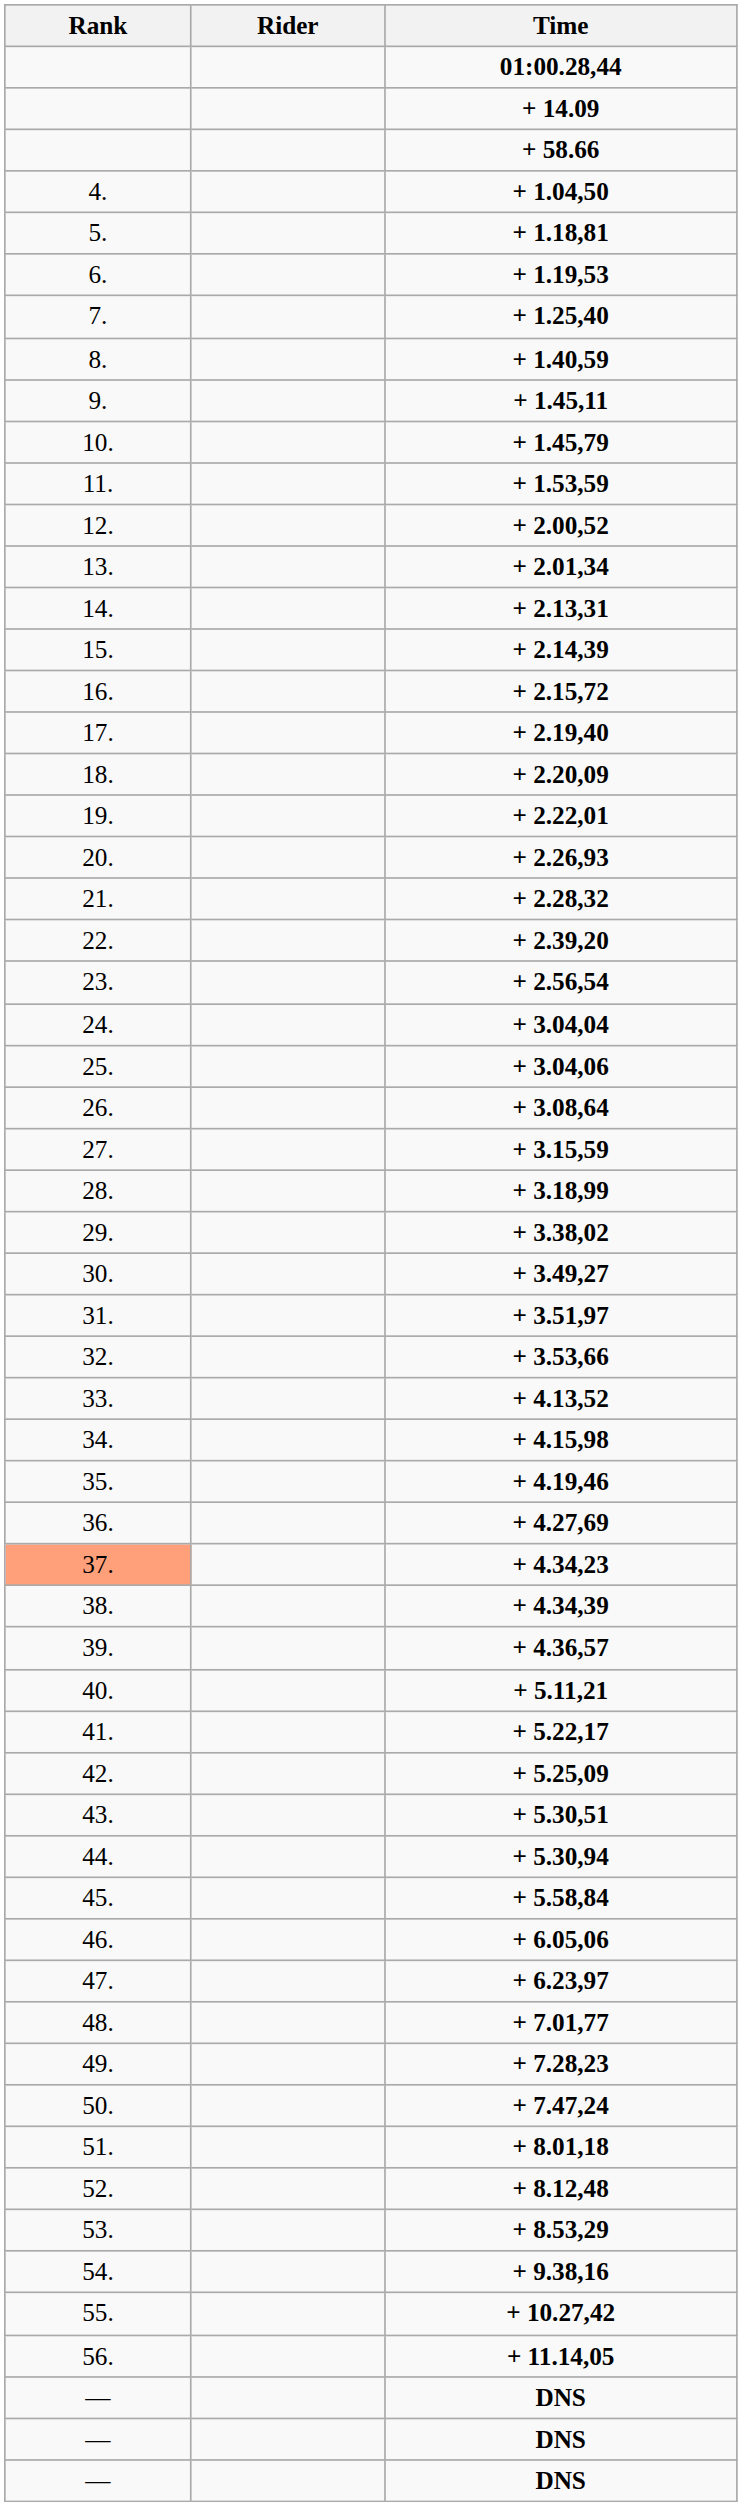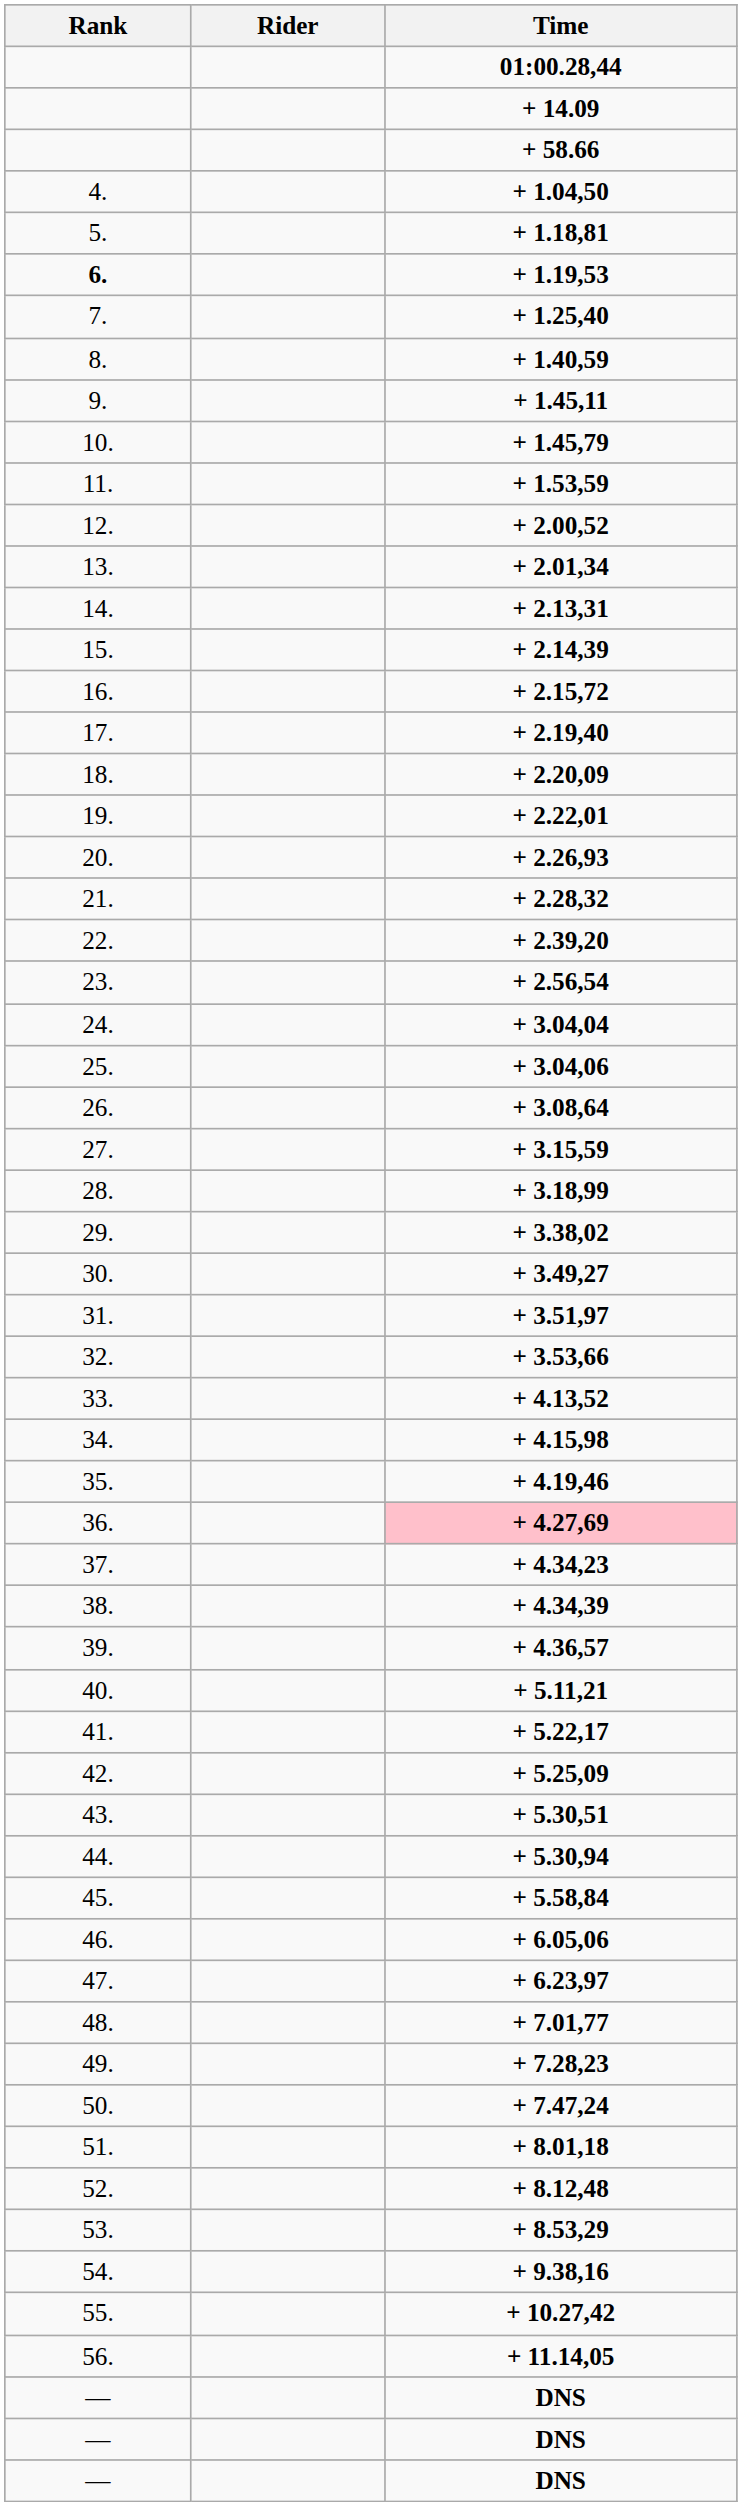 <table class=wikitable style="font-size:95%" width="50%">
 <tr>
 <th>Rank</th>
 <th>Rider</th>
 <th>Time</th>
 </tr>
 <tr>
 <td align="center"></td>
 <td></td>
 <td align="center"><strong>01:00.28,44</strong></td>
 </tr>
 <tr>
 <td align="center"></td>
 <td></td>
 <td align="center"><strong>+ 14.09</strong></td>
 </tr>
 <tr>
 <td align="center"></td>
 <td></td>
 <td align="center"><strong>+ 58.66</strong></td>
 </tr>
 <tr>
 <td align="center">4.</td>
 <td></td>
 <td align="center"><strong>+ 1.04,50</strong></td>
 </tr>
 <tr>
 <td align="center">5.</td>
 <td></td>
 <td align="center"><strong>+ 1.18,81</strong></td>
 </tr>
 <tr>
-<td align="center">6.</td>
+<td align="center"><strong>6.</strong></td>
 <td></td>
 <td align="center"><strong>+ 1.19,53</strong></td>
 </tr>
 <tr>
 <td align="center">7.</td>
 <td></td>
 <td align="center"><strong>+ 1.25,40</strong></td>
 </tr>
 <tr>
 <td align="center">8.</td>
 <td></td>
 <td align="center"><strong>+ 1.40,59</strong></td>
 </tr>
 <tr>
 <td align="center">9.</td>
 <td></td>
 <td align="center"><strong>+ 1.45,11</strong></td>
 </tr>
 <tr>
 <td align="center">10.</td>
 <td></td>
 <td align="center"><strong>+ 1.45,79</strong></td>
 </tr>
 <tr>
 <td align="center">11.</td>
 <td></td>
 <td align="center"><strong>+ 1.53,59</strong></td>
 </tr>
 <tr>
 <td align="center">12.</td>
 <td></td>
 <td align="center"><strong>+ 2.00,52</strong></td>
 </tr>
 <tr>
 <td align="center">13.</td>
 <td></td>
 <td align="center"><strong>+ 2.01,34</strong></td>
 </tr>
 <tr>
 <td align="center">14.</td>
 <td></td>
 <td align="center"><strong>+ 2.13,31</strong></td>
 </tr>
 <tr>
 <td align="center">15.</td>
 <td></td>
 <td align="center"><strong>+ 2.14,39</strong></td>
 </tr>
 <tr>
 <td align="center">16.</td>
 <td></td>
 <td align="center"><strong>+ 2.15,72</strong></td>
 </tr>
 <tr>
 <td align="center">17.</td>
 <td></td>
 <td align="center"><strong>+ 2.19,40</strong></td>
 </tr>
 <tr>
 <td align="center">18.</td>
 <td></td>
 <td align="center"><strong>+ 2.20,09</strong></td>
 </tr>
 <tr>
 <td align="center">19.</td>
 <td></td>
 <td align="center"><strong>+ 2.22,01</strong></td>
 </tr>
 <tr>
 <td align="center">20.</td>
 <td></td>
 <td align="center"><strong>+ 2.26,93</strong></td>
 </tr>
 <tr>
 <td align="center">21.</td>
 <td></td>
 <td align="center"><strong>+ 2.28,32</strong></td>
 </tr>
 <tr>
 <td align="center">22.</td>
 <td></td>
 <td align="center"><strong>+ 2.39,20</strong></td>
 </tr>
 <tr>
 <td align="center">23.</td>
 <td></td>
 <td align="center"><strong>+ 2.56,54</strong></td>
 </tr>
 <tr>
 <td align="center">24.</td>
 <td></td>
 <td align="center"><strong>+ 3.04,04</strong></td>
 </tr>
 <tr>
 <td align="center">25.</td>
 <td></td>
 <td align="center"><strong>+ 3.04,06</strong></td>
 </tr>
 <tr>
 <td align="center">26.</td>
 <td></td>
 <td align="center"><strong>+ 3.08,64</strong></td>
 </tr>
 <tr>
 <td align="center">27.</td>
 <td></td>
 <td align="center"><strong>+ 3.15,59</strong></td>
 </tr>
 <tr>
 <td align="center">28.</td>
 <td></td>
 <td align="center"><strong>+ 3.18,99</strong></td>
 </tr>
 <tr>
 <td align="center">29.</td>
 <td></td>
 <td align="center"><strong>+ 3.38,02</strong></td>
 </tr>
 <tr>
 <td align="center">30.</td>
 <td></td>
 <td align="center"><strong>+ 3.49,27</strong></td>
 </tr>
 <tr>
 <td align="center">31.</td>
 <td></td>
 <td align="center"><strong>+ 3.51,97</strong></td>
 </tr>
 <tr>
 <td align="center">32.</td>
 <td></td>
 <td align="center"><strong>+ 3.53,66</strong></td>
 </tr>
 <tr>
 <td align="center">33.</td>
 <td></td>
 <td align="center"><strong>+ 4.13,52</strong></td>
 </tr>
 <tr>
 <td align="center">34.</td>
 <td></td>
 <td align="center"><strong>+ 4.15,98</strong></td>
 </tr>
 <tr>
 <td align="center">35.</td>
 <td></td>
 <td align="center"><strong>+ 4.19,46</strong></td>
 </tr>
 <tr>
 <td align="center">36.</td>
 <td></td>
-<td align="center"><strong>+ 4.27,69</strong></td>
+<td align="center" style="background: pink;"><strong>+ 4.27,69</strong></td>
 </tr>
 <tr>
-<td align="center" style="background: lightsalmon;">37.</td>
+<td align="center">37.</td>
 <td></td>
 <td align="center"><strong>+ 4.34,23</strong></td>
 </tr>
 <tr>
 <td align="center">38.</td>
 <td></td>
 <td align="center"><strong>+ 4.34,39</strong></td>
 </tr>
 <tr>
 <td align="center">39.</td>
 <td></td>
 <td align="center"><strong>+ 4.36,57</strong></td>
 </tr>
 <tr>
 <td align="center">40.</td>
 <td></td>
 <td align="center"><strong>+ 5.11,21</strong></td>
 </tr>
 <tr>
 <td align="center">41.</td>
 <td></td>
 <td align="center"><strong>+ 5.22,17</strong></td>
 </tr>
 <tr>
 <td align="center">42.</td>
 <td></td>
 <td align="center"><strong>+ 5.25,09</strong></td>
 </tr>
 <tr>
 <td align="center">43.</td>
 <td></td>
 <td align="center"><strong>+ 5.30,51</strong></td>
 </tr>
 <tr>
 <td align="center">44.</td>
 <td></td>
 <td align="center"><strong>+ 5.30,94</strong></td>
 </tr>
 <tr>
 <td align="center">45.</td>
 <td></td>
 <td align="center"><strong>+ 5.58,84</strong></td>
 </tr>
 <tr>
 <td align="center">46.</td>
 <td></td>
 <td align="center"><strong>+ 6.05,06</strong></td>
 </tr>
 <tr>
 <td align="center">47.</td>
 <td></td>
 <td align="center"><strong>+ 6.23,97</strong></td>
 </tr>
 <tr>
 <td align="center">48.</td>
 <td></td>
 <td align="center"><strong>+ 7.01,77</strong></td>
 </tr>
 <tr>
 <td align="center">49.</td>
 <td></td>
 <td align="center"><strong>+ 7.28,23</strong></td>
 </tr>
 <tr>
 <td align="center">50.</td>
 <td></td>
 <td align="center"><strong>+ 7.47,24</strong></td>
 </tr>
 <tr>
 <td align="center">51.</td>
 <td></td>
 <td align="center"><strong>+ 8.01,18</strong></td>
 </tr>
 <tr>
 <td align="center">52.</td>
 <td></td>
 <td align="center"><strong>+ 8.12,48</strong></td>
 </tr>
 <tr>
 <td align="center">53.</td>
 <td></td>
 <td align="center"><strong>+ 8.53,29</strong></td>
 </tr>
 <tr>
 <td align="center">54.</td>
 <td></td>
 <td align="center"><strong>+ 9.38,16</strong></td>
 </tr>
 <tr>
 <td align="center">55.</td>
 <td></td>
 <td align="center"><strong>+ 10.27,42</strong></td>
 </tr>
 <tr>
 <td align="center">56.</td>
 <td></td>
 <td align="center"><strong>+ 11.14,05</strong></td>
 </tr>
 <tr>
 <td align="center">—</td>
 <td></td>
 <td align="center"><strong>DNS</strong></td>
 </tr>
 <tr>
 <td align="center">—</td>
 <td></td>
 <td align="center"><strong>DNS</strong></td>
 </tr>
 <tr>
 <td align="center">—</td>
 <td></td>
 <td align="center"><strong>DNS</strong></td>
 </tr>
 </table>
